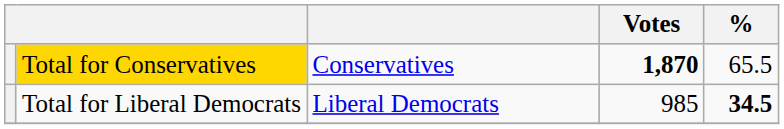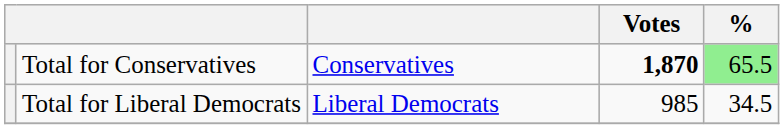 <table class="wikitable">
 <tr>
 <th valign=top colspan="2" style="width: 180px"></th>
 <th valign=top style="width: 180px"></th>
 <th valign=top style="width: 60px">Votes</th>
 <th valign=top style="width: 40px">%</th>
 </tr>
 <tr>
 <th style="background-color: "></th>
-<td style="background: gold;">Total for Conservatives</td>
+<td>Total for Conservatives</td>
 <td><a href='#'>Conservatives</a></td>
 <td align="right"><strong>1,870</strong></td>
-<td align="right">65.5</td>
+<td align="right" style="background: lightgreen;">65.5</td>
 </tr>
 <tr>
 <th style="background-color: "></th>
 <td>Total for Liberal Democrats</td>
 <td><a href='#'>Liberal Democrats</a></td>
 <td align="right">985</td>
-<td align="right"><strong>34.5</strong></td>
+<td align="right">34.5</td>
 </tr>
 <tr>
 </tr>
 </table>
